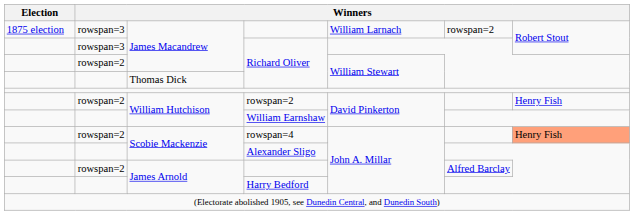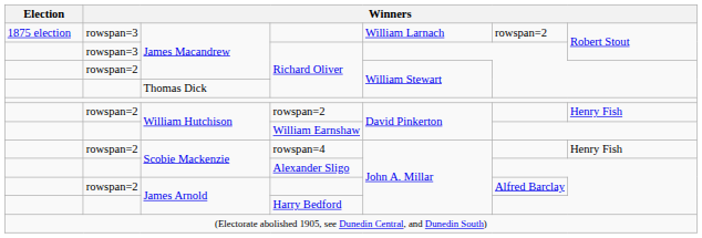 <table class=wikitable>
 <tr>
 <th width=100>Election</th>
 <th colspan=6>Winners</th>
 </tr>
 <tr>
 <td><a href='#'>1875 election</a></td>
 <td>rowspan=3 </td>
 <td width=170 rowspan=3><a href='#'>James Macandrew</a></td>
 <td></td>
 <td width=170><a href='#'>William Larnach</a></td>
 <td>rowspan=2 </td>
 <td width=170 rowspan=2><a href='#'>Robert Stout</a></td>
 </tr>
 <tr>
 <td></td>
 <td>rowspan=3 </td>
 <td rowspan=3><a href='#'>Richard Oliver</a></td>
 </tr>
 <tr>
 <td></td>
 <td>rowspan=2 </td>
 <td rowspan=2><a href='#'>William Stewart</a></td>
 </tr>
 <tr>
 <td></td>
 <td></td>
 <td>Thomas Dick</td>
 </tr>
 <tr>
 <td colspan=7 align=center></td>
 </tr>
 <tr>
 <td></td>
 <td>rowspan=2 </td>
 <td rowspan=2><a href='#'>William Hutchison</a></td>
 <td>rowspan=2 </td>
 <td rowspan=2><a href='#'>David Pinkerton</a></td>
 <td></td>
 <td><a href='#'>Henry Fish</a></td>
 </tr>
 <tr>
 <td></td>
 <td></td>
 <td><a href='#'>William Earnshaw</a></td>
 </tr>
 <tr>
 <td></td>
 <td>rowspan=2 </td>
 <td rowspan=2><a href='#'>Scobie Mackenzie</a></td>
 <td>rowspan=4 </td>
 <td rowspan=4><a href='#'>John A. Millar</a></td>
 <td></td>
-<td style="background: lightsalmon;">Henry Fish</td>
+<td>Henry Fish</td>
 </tr>
 <tr>
 <td></td>
 <td></td>
 <td rowspan=1><a href='#'>Alexander Sligo</a></td>
 </tr>
 <tr>
 <td></td>
 <td>rowspan=2 </td>
 <td rowspan=2><a href='#'>James Arnold</a></td>
 <td></td>
 <td><a href='#'>Alfred Barclay</a></td>
 </tr>
 <tr>
 <td></td>
 <td></td>
 <td><a href='#'>Harry Bedford</a></td>
 </tr>
 <tr>
 <td colspan=7 align=center><small>(Electorate abolished 1905, see <a href='#'>Dunedin Central</a>,  and <a href='#'>Dunedin South</a>)</small></td>
 </tr>
 </table>
